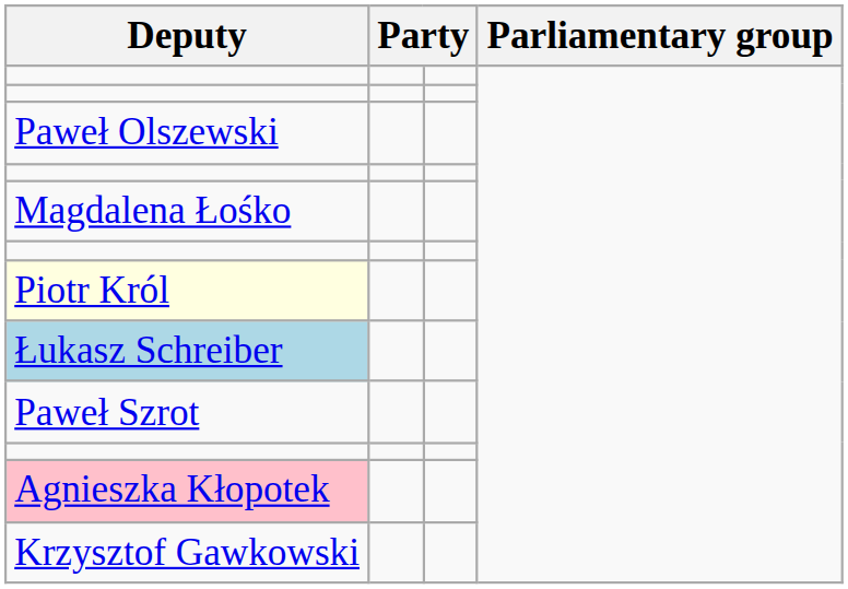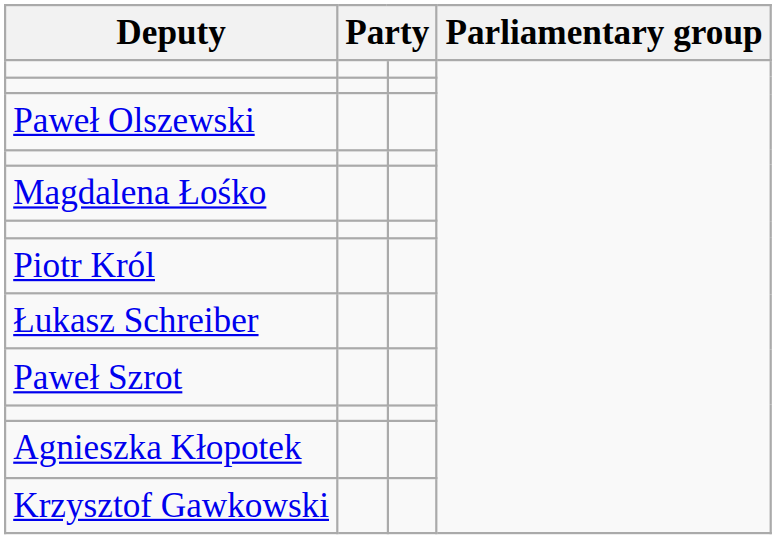 <table class="wikitable">
 <tr>
 <th>Deputy</th>
 <th colspan="2">Party</th>
 <th colspan="2">Parliamentary group</th>
 </tr>
 <tr>
 <td></td>
 <td></td>
 <td></td>
 </tr>
 <tr>
 <td></td>
 <td></td>
 <td></td>
 </tr>
 <tr>
 <td><a href='#'>Paweł Olszewski</a></td>
 <td></td>
 <td></td>
 </tr>
 <tr>
 <td></td>
 <td></td>
 <td></td>
 </tr>
 <tr>
 <td><a href='#'>Magdalena Łośko</a></td>
 <td></td>
 <td></td>
 </tr>
 <tr>
 <td></td>
 <td></td>
 <td></td>
 </tr>
 <tr>
-<td style="background: lightyellow;"><a href='#'>Piotr Król</a></td>
+<td><a href='#'>Piotr Król</a></td>
 <td></td>
 <td></td>
 </tr>
 <tr>
-<td style="background: lightblue;"><a href='#'>Łukasz Schreiber</a></td>
+<td><a href='#'>Łukasz Schreiber</a></td>
 <td></td>
 <td></td>
 </tr>
 <tr>
 <td><a href='#'>Paweł Szrot</a></td>
 <td></td>
 <td></td>
 </tr>
 <tr>
 <td></td>
 <td></td>
 <td></td>
 </tr>
 <tr>
-<td style="background: pink;"><a href='#'>Agnieszka Kłopotek</a></td>
+<td><a href='#'>Agnieszka Kłopotek</a></td>
 <td></td>
 <td></td>
 </tr>
 <tr>
 <td><a href='#'>Krzysztof Gawkowski</a></td>
 <td></td>
 <td></td>
 </tr>
 </table>
